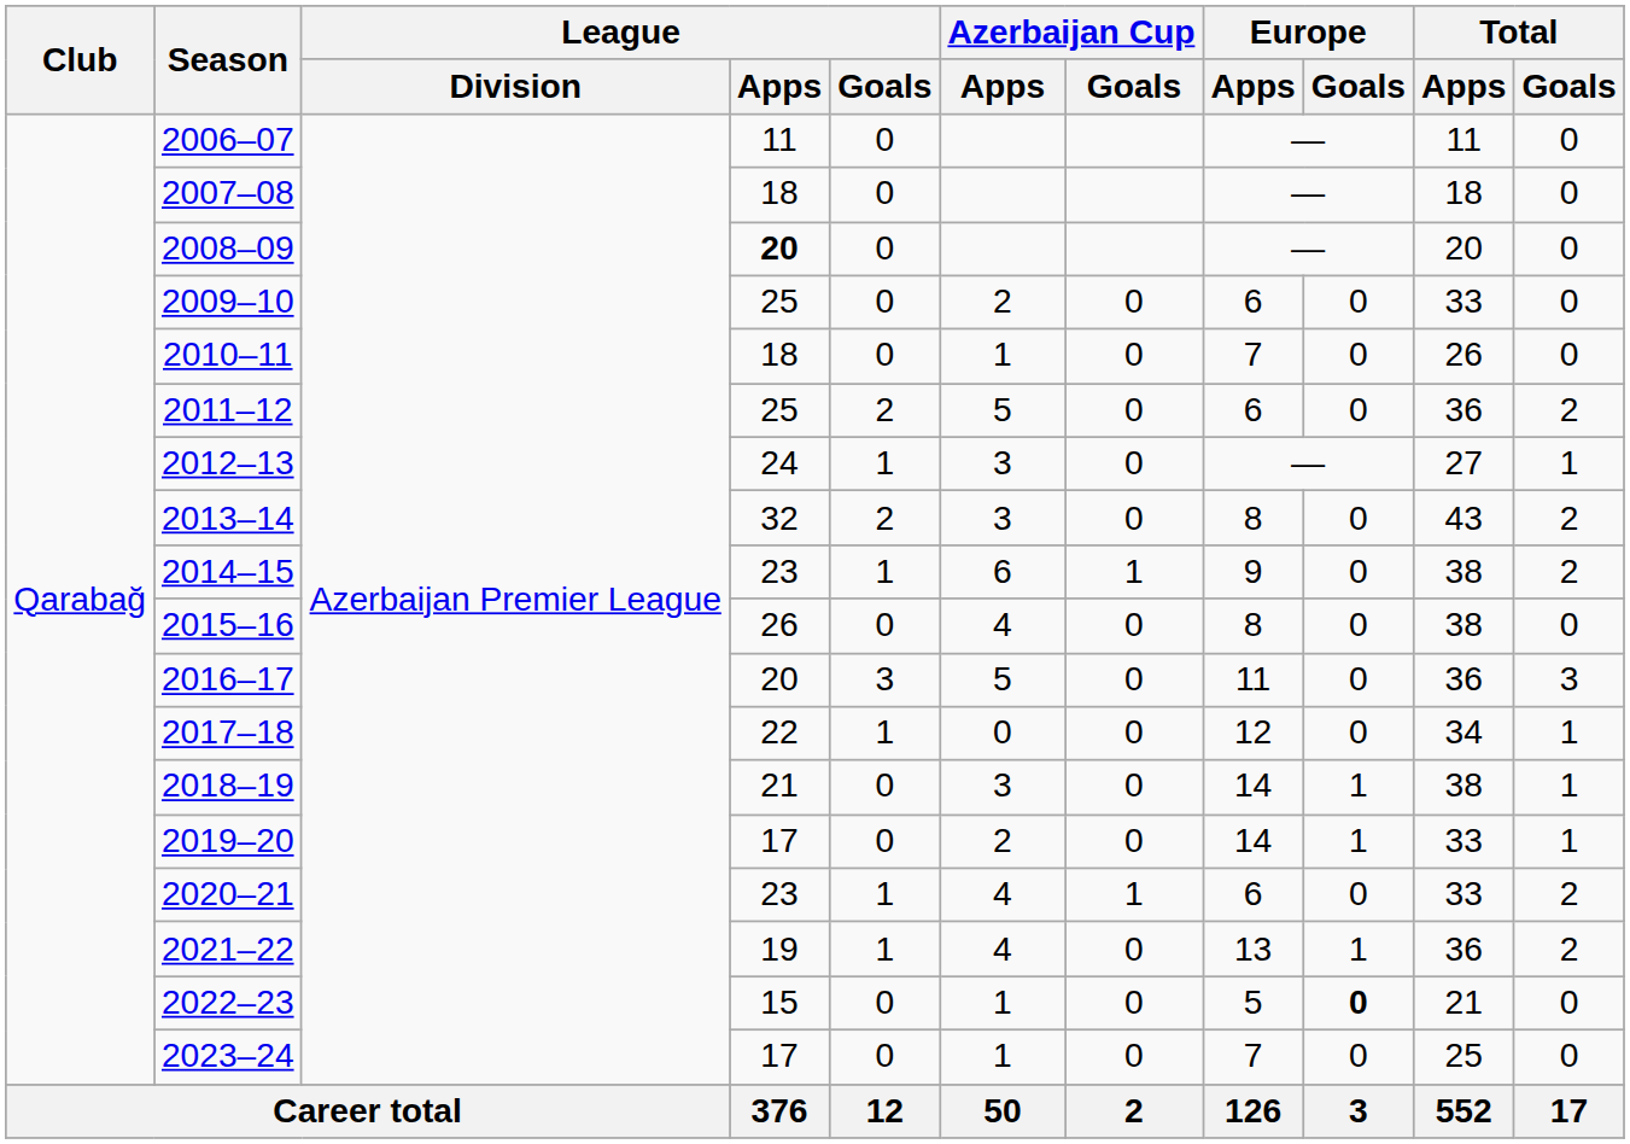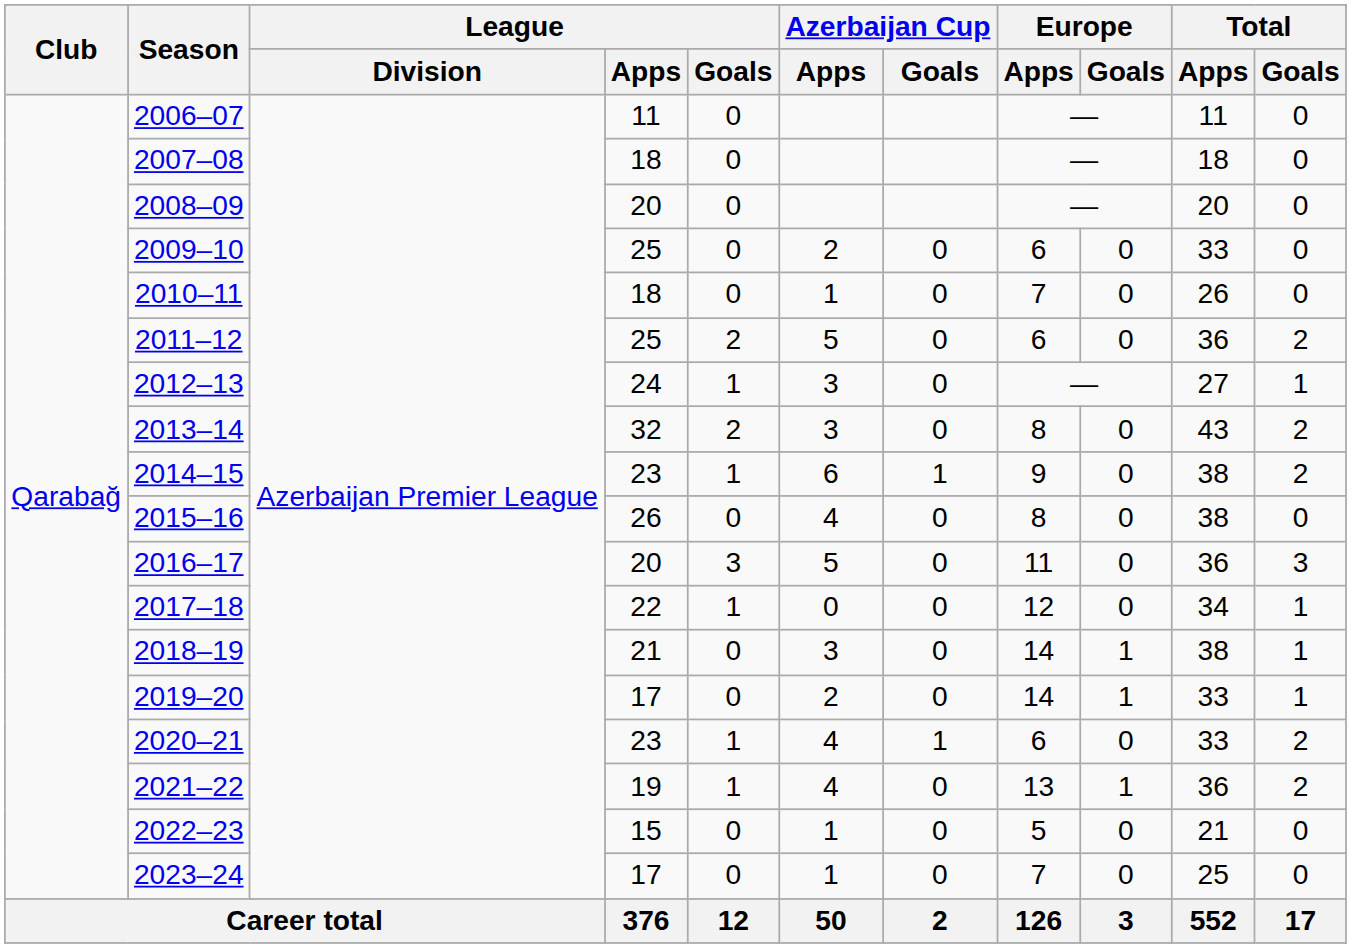 <table class="wikitable" style="text-align:center">
 <tr>
 <th rowspan="2">Club</th>
 <th rowspan="2">Season</th>
 <th colspan="3">League</th>
 <th colspan="2"><a href='#'>Azerbaijan Cup</a></th>
 <th colspan="2">Europe</th>
 <th colspan="2">Total</th>
 </tr>
 <tr>
 <th>Division</th>
 <th>Apps</th>
 <th>Goals</th>
 <th>Apps</th>
 <th>Goals</th>
 <th>Apps</th>
 <th>Goals</th>
 <th>Apps</th>
 <th>Goals</th>
 </tr>
 <tr>
 <td rowspan="18"><a href='#'>Qarabağ</a></td>
 <td><a href='#'>2006–07</a></td>
 <td rowspan="18"><a href='#'>Azerbaijan Premier League</a></td>
 <td>11</td>
 <td>0</td>
 <td></td>
 <td></td>
 <td colspan="2">—</td>
 <td>11</td>
 <td>0</td>
 </tr>
 <tr>
 <td><a href='#'>2007–08</a></td>
 <td>18</td>
 <td>0</td>
 <td></td>
 <td></td>
 <td colspan="2">—</td>
 <td>18</td>
 <td>0</td>
 </tr>
 <tr>
 <td><a href='#'>2008–09</a></td>
-<td><strong>20</strong></td>
+<td>20</td>
 <td>0</td>
 <td></td>
 <td></td>
 <td colspan="2">—</td>
 <td>20</td>
 <td>0</td>
 </tr>
 <tr>
 <td><a href='#'>2009–10</a></td>
 <td>25</td>
 <td>0</td>
 <td>2</td>
 <td>0</td>
 <td>6</td>
 <td>0</td>
 <td>33</td>
 <td>0</td>
 </tr>
 <tr>
 <td><a href='#'>2010–11</a></td>
 <td>18</td>
 <td>0</td>
 <td>1</td>
 <td>0</td>
 <td>7</td>
 <td>0</td>
 <td>26</td>
 <td>0</td>
 </tr>
 <tr>
 <td><a href='#'>2011–12</a></td>
 <td>25</td>
 <td>2</td>
 <td>5</td>
 <td>0</td>
 <td>6</td>
 <td>0</td>
 <td>36</td>
 <td>2</td>
 </tr>
 <tr>
 <td><a href='#'>2012–13</a></td>
 <td>24</td>
 <td>1</td>
 <td>3</td>
 <td>0</td>
 <td colspan="2">—</td>
 <td>27</td>
 <td>1</td>
 </tr>
 <tr>
 <td><a href='#'>2013–14</a></td>
 <td>32</td>
 <td>2</td>
 <td>3</td>
 <td>0</td>
 <td>8</td>
 <td>0</td>
 <td>43</td>
 <td>2</td>
 </tr>
 <tr>
 <td><a href='#'>2014–15</a></td>
 <td>23</td>
 <td>1</td>
 <td>6</td>
 <td>1</td>
 <td>9</td>
 <td>0</td>
 <td>38</td>
 <td>2</td>
 </tr>
 <tr>
 <td><a href='#'>2015–16</a></td>
 <td>26</td>
 <td>0</td>
 <td>4</td>
 <td>0</td>
 <td>8</td>
 <td>0</td>
 <td>38</td>
 <td>0</td>
 </tr>
 <tr>
 <td><a href='#'>2016–17</a></td>
 <td>20</td>
 <td>3</td>
 <td>5</td>
 <td>0</td>
 <td>11</td>
 <td>0</td>
 <td>36</td>
 <td>3</td>
 </tr>
 <tr>
 <td><a href='#'>2017–18</a></td>
 <td>22</td>
 <td>1</td>
 <td>0</td>
 <td>0</td>
 <td>12</td>
 <td>0</td>
 <td>34</td>
 <td>1</td>
 </tr>
 <tr>
 <td><a href='#'>2018–19</a></td>
 <td>21</td>
 <td>0</td>
 <td>3</td>
 <td>0</td>
 <td>14</td>
 <td>1</td>
 <td>38</td>
 <td>1</td>
 </tr>
 <tr>
 <td><a href='#'>2019–20</a></td>
 <td>17</td>
 <td>0</td>
 <td>2</td>
 <td>0</td>
 <td>14</td>
 <td>1</td>
 <td>33</td>
 <td>1</td>
 </tr>
 <tr>
 <td><a href='#'>2020–21</a></td>
 <td>23</td>
 <td>1</td>
 <td>4</td>
 <td>1</td>
 <td>6</td>
 <td>0</td>
 <td>33</td>
 <td>2</td>
 </tr>
 <tr>
 <td><a href='#'>2021–22</a></td>
 <td>19</td>
 <td>1</td>
 <td>4</td>
 <td>0</td>
 <td>13</td>
 <td>1</td>
 <td>36</td>
 <td>2</td>
 </tr>
 <tr>
 <td><a href='#'>2022–23</a></td>
 <td>15</td>
 <td>0</td>
 <td>1</td>
 <td>0</td>
 <td>5</td>
-<td><strong>0</strong></td>
+<td>0</td>
 <td>21</td>
 <td>0</td>
 </tr>
 <tr>
 <td><a href='#'>2023–24</a></td>
 <td>17</td>
 <td>0</td>
 <td>1</td>
 <td>0</td>
 <td>7</td>
 <td>0</td>
 <td>25</td>
 <td>0</td>
 </tr>
 <tr>
 <th colspan="3">Career total</th>
 <th>376</th>
 <th>12</th>
 <th>50</th>
 <th>2</th>
 <th>126</th>
 <th>3</th>
 <th>552</th>
 <th>17</th>
 </tr>
 </table>
